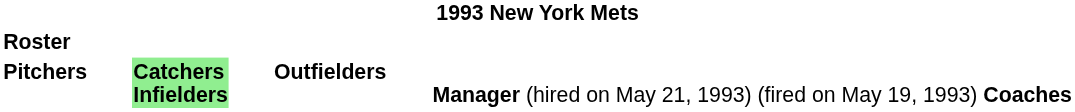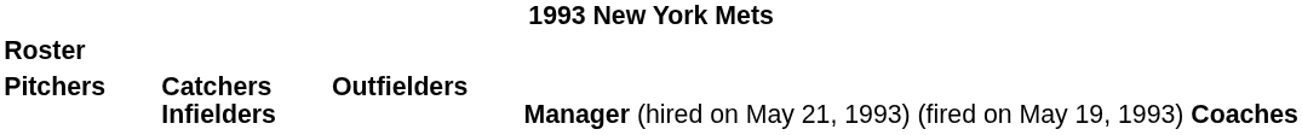 <table class="toccolours" style="font-size: 95%;">
 <tr>
 <th colspan="10">1993 New York Mets</th>
 </tr>
 <tr>
 <td colspan="10"><strong>Roster</strong></td>
 </tr>
 <tr>
 <td valign="top"><strong>Pitchers</strong><br>                  </td>
 <td width="25px"></td>
-<td valign="top" style="background: lightgreen;"><strong>Catchers</strong><br>  <strong>Infielders</strong>           </td>
+<td valign="top"><strong>Catchers</strong><br>  <strong>Infielders</strong>           </td>
 <td width="25px"></td>
 <td valign="top"><strong>Outfielders</strong><br>        </td>
 <td width="25px"></td>
 <td valign="top"><br><strong>Manager</strong>  (hired on May 21, 1993)  (fired on May 19, 1993) <strong>Coaches</strong>        </td>
 </tr>
 </table>
